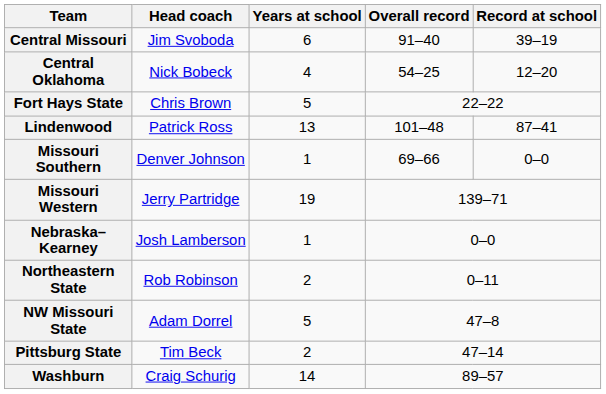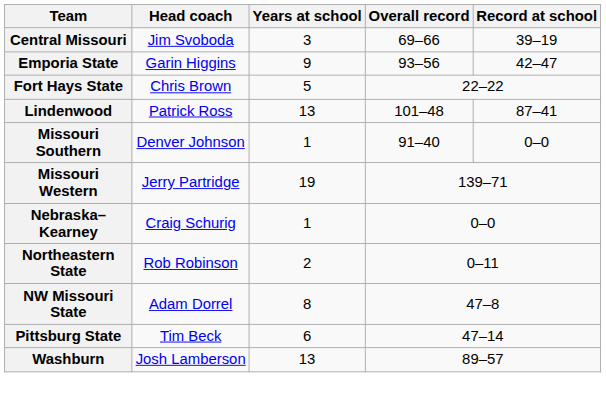 <table class="wikitable sortable" style="text-align: center;">
 <tr>
 <th style="width:130px;">Team</th>
 <th>Head coach</th>
 <th>Years at school</th>
 <th>Overall record</th>
 <th>Record at school</th>
 </tr>
 <tr>
 <th>Central Missouri</th>
 <td><a href='#'>Jim Svoboda</a></td>
-<td>6</td>
-<td>91–40</td>
+<td>3</td>
+<td>69–66</td>
 <td>39–19</td>
 </tr>
 <tr>
-<th>Central Oklahoma</th>
-<td><a href='#'>Nick Bobeck</a></td>
-<td>4</td>
-<td>54–25</td>
-<td>12–20</td>
+<th>Emporia State</th>
+<td><a href='#'>Garin Higgins</a></td>
+<td>9</td>
+<td>93–56</td>
+<td>42–47</td>
 </tr>
 <tr>
 <th>Fort Hays State</th>
 <td><a href='#'>Chris Brown</a></td>
 <td>5</td>
 <td colspan=2>22–22</td>
 </tr>
 <tr>
 <th>Lindenwood</th>
 <td><a href='#'>Patrick Ross</a></td>
 <td>13</td>
 <td>101–48</td>
 <td>87–41</td>
 </tr>
 <tr>
 <th>Missouri Southern</th>
 <td><a href='#'>Denver Johnson</a></td>
 <td>1</td>
-<td>69–66</td>
+<td>91–40</td>
 <td>0–0</td>
 </tr>
 <tr>
 <th>Missouri Western</th>
 <td><a href='#'>Jerry Partridge</a></td>
 <td>19</td>
 <td colspan=2>139–71</td>
 </tr>
 <tr>
 <th>Nebraska–Kearney</th>
-<td><a href='#'>Josh Lamberson</a></td>
+<td><a href='#'>Craig Schurig</a></td>
 <td>1</td>
 <td colspan=2>0–0</td>
 </tr>
 <tr>
 <th>Northeastern State</th>
 <td><a href='#'>Rob Robinson</a></td>
 <td>2</td>
 <td colspan=2>0–11</td>
 </tr>
 <tr>
 <th>NW Missouri State</th>
 <td><a href='#'>Adam Dorrel</a></td>
-<td>5</td>
+<td>8</td>
 <td colspan=2>47–8</td>
 </tr>
 <tr>
 <th>Pittsburg State</th>
 <td><a href='#'>Tim Beck</a></td>
-<td>2</td>
+<td>6</td>
 <td colspan=2>47–14</td>
 </tr>
 <tr>
 <th>Washburn</th>
-<td><a href='#'>Craig Schurig</a></td>
-<td>14</td>
+<td><a href='#'>Josh Lamberson</a></td>
+<td>13</td>
 <td colspan=2>89–57</td>
 </tr>
 </table>
